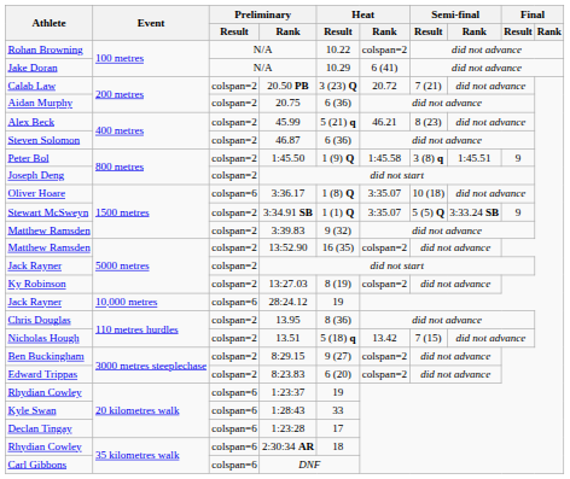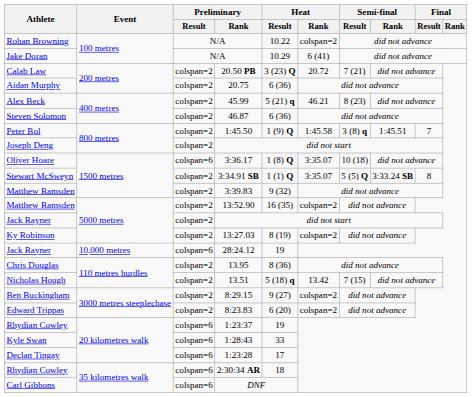 <table class=wikitable style=font-size:90%>
 <tr>
 <th rowspan=2>Athlete</th>
 <th rowspan=2>Event</th>
 <th colspan=2>Preliminary</th>
 <th colspan=2>Heat</th>
 <th colspan=2>Semi-final</th>
 <th colspan=2>Final</th>
 </tr>
 <tr style=font-size:95%>
 <th>Result</th>
 <th>Rank</th>
 <th>Result</th>
 <th>Rank</th>
 <th>Result</th>
 <th>Rank</th>
 <th>Result</th>
 <th>Rank</th>
 </tr>
 <tr align=center>
 <td align=left><a href='#'>Rohan Browning</a></td>
 <td align=left rowspan=2><a href='#'>100 metres</a></td>
 <td colspan=2>N/A</td>
 <td>10.22</td>
 <td>colspan=2</td>
 <td colspan=4><em>did not advance</em></td>
 </tr>
 <tr align=center>
 <td align=left><a href='#'>Jake Doran</a></td>
 <td colspan=2>N/A</td>
 <td>10.29</td>
 <td>6 (41)</td>
 <td colspan=4><em>did not advance</em></td>
 </tr>
 <tr align=center>
 <td align=left><a href='#'>Calab Law</a></td>
 <td align=left rowspan=2><a href='#'>200 metres</a></td>
 <td>colspan=2</td>
 <td>20.50 <strong>PB</strong></td>
 <td>3 (23) <strong>Q</strong></td>
 <td>20.72</td>
 <td>7 (21)</td>
 <td colspan=2><em>did not advance</em></td>
 </tr>
 <tr align=center>
 <td align=left><a href='#'>Aidan Murphy</a></td>
 <td>colspan=2</td>
 <td>20.75</td>
 <td>6 (36)</td>
 <td colspan=4><em>did not advance</em></td>
 </tr>
 <tr align=center>
 <td align=left><a href='#'>Alex Beck</a></td>
 <td align=left rowspan=2><a href='#'>400 metres</a></td>
 <td>colspan=2</td>
 <td>45.99</td>
 <td>5 (21) <strong>q</strong></td>
 <td>46.21</td>
 <td>8 (23)</td>
 <td colspan=2><em>did not advance</em></td>
 </tr>
 <tr align=center>
 <td align=left><a href='#'>Steven Solomon</a></td>
 <td>colspan=2</td>
 <td>46.87</td>
 <td>6 (36)</td>
 <td colspan=4><em>did not advance</em></td>
 </tr>
 <tr align=center>
 <td align=left><a href='#'>Peter Bol</a></td>
 <td align=left rowspan=2><a href='#'>800 metres</a></td>
 <td>colspan=2</td>
 <td>1:45.50</td>
 <td>1 (9) <strong>Q</strong></td>
 <td>1:45.58</td>
 <td>3 (8) <strong>q</strong></td>
 <td>1:45.51</td>
-<td>9</td>
+<td>7</td>
 </tr>
 <tr align=center>
 <td align=left><a href='#'>Joseph Deng</a></td>
 <td>colspan=2</td>
 <td colspan=6><em>did not start</em></td>
 </tr>
 <tr align=center>
 <td align=left><a href='#'>Oliver Hoare</a></td>
 <td align=left rowspan=3><a href='#'>1500 metres</a></td>
 <td>colspan=6</td>
 <td>3:36.17</td>
 <td>1 (8) <strong>Q</strong></td>
 <td>3:35.07</td>
 <td>10 (18)</td>
 <td colspan="2"><em>did not advance</em></td>
 </tr>
 <tr align=center>
 <td align=left><a href='#'>Stewart McSweyn</a></td>
 <td>colspan=2</td>
 <td>3:34.91 <strong>SB</strong></td>
 <td>1 (1) <strong>Q</strong></td>
 <td>3:35.07</td>
 <td>5 (5) <strong>Q</strong></td>
 <td>3:33.24 <strong>SB</strong></td>
-<td>9</td>
+<td>8</td>
 </tr>
 <tr align=center>
 <td align=left><a href='#'>Matthew Ramsden</a></td>
 <td>colspan=2</td>
 <td>3:39.83</td>
 <td>9 (32)</td>
 <td colspan="4"><em>did not advance</em></td>
 </tr>
 <tr align=center>
 <td align=left><a href='#'>Matthew Ramsden</a></td>
 <td align=left rowspan=3><a href='#'>5000 metres</a></td>
 <td>colspan=2</td>
 <td>13:52.90</td>
 <td>16 (35)</td>
 <td>colspan=2</td>
 <td colspan="2"><em>did not advance</em></td>
 </tr>
 <tr align=center>
 <td align=left><a href='#'>Jack Rayner</a></td>
 <td>colspan=2</td>
 <td colspan="6"><em>did not start</em></td>
 </tr>
 <tr align=center>
 <td align=left><a href='#'>Ky Robinson</a></td>
 <td>colspan=2</td>
 <td>13:27.03</td>
 <td>8 (19)</td>
 <td>colspan=2</td>
 <td colspan="2"><em>did not advance</em></td>
 </tr>
 <tr align=center>
 <td align=left><a href='#'>Jack Rayner</a></td>
 <td align=left><a href='#'>10,000 metres</a></td>
 <td>colspan=6</td>
 <td>28:24.12</td>
 <td>19</td>
 </tr>
 <tr align=center>
 <td align=left><a href='#'>Chris Douglas</a></td>
 <td align=left rowspan=2><a href='#'>110 metres hurdles</a></td>
 <td>colspan=2</td>
 <td>13.95</td>
 <td>8 (36)</td>
 <td colspan="4"><em>did not advance</em></td>
 </tr>
 <tr align=center>
 <td align=left><a href='#'>Nicholas Hough</a></td>
 <td>colspan=2</td>
 <td>13.51</td>
 <td>5 (18) <strong>q</strong></td>
 <td>13.42</td>
 <td>7 (15)</td>
 <td colspan="2"><em>did not advance</em></td>
 </tr>
 <tr align=center>
 <td align=left><a href='#'>Ben Buckingham</a></td>
 <td align=left rowspan=2><a href='#'>3000 metres steeplechase</a></td>
 <td>colspan=2</td>
 <td>8:29.15</td>
 <td>9 (27)</td>
 <td>colspan=2</td>
 <td colspan="2"><em>did not advance</em></td>
 </tr>
 <tr align=center>
 <td align=left><a href='#'>Edward Trippas</a></td>
 <td>colspan=2</td>
 <td>8:23.83</td>
 <td>6 (20)</td>
 <td>colspan=2</td>
 <td colspan="2"><em>did not advance</em></td>
 </tr>
 <tr align=center>
 <td align=left><a href='#'>Rhydian Cowley</a></td>
 <td align=left rowspan=3><a href='#'>20 kilometres walk</a></td>
 <td>colspan=6</td>
 <td>1:23:37</td>
 <td>19</td>
 </tr>
 <tr align=center>
 <td align=left><a href='#'>Kyle Swan</a></td>
 <td>colspan=6</td>
 <td>1:28:43</td>
 <td>33</td>
 </tr>
 <tr align=center>
 <td align=left><a href='#'>Declan Tingay</a></td>
 <td>colspan=6</td>
 <td>1:23:28</td>
 <td>17</td>
 </tr>
 <tr align=center>
 <td align=left><a href='#'>Rhydian Cowley</a></td>
 <td align=left rowspan=2><a href='#'>35 kilometres walk</a></td>
 <td>colspan=6</td>
 <td>2:30:34 <strong>AR</strong></td>
 <td>18</td>
 </tr>
 <tr align=center>
 <td align=left><a href='#'>Carl Gibbons</a></td>
 <td>colspan=6</td>
 <td colspan="2"><em>DNF</em></td>
 </tr>
 </table>
